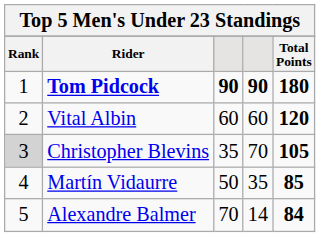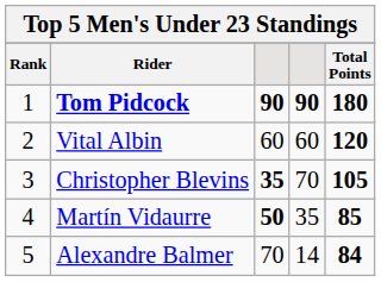 <table class="wikitable sortable">
 <tr>
 <th colspan=27 align="center"><strong>Top 5 Men's Under 23 Standings</strong></th>
 </tr>
 <tr>
 </tr>
 <tr style="font-size:8pt;font-weight:bold">
 <th align="center">Rank</th>
 <th align="center">Rider</th>
 <th class=unsortable style="background:#E5E4E2;"><small></small></th>
 <th class=unsortable style="background:#E5E4E2;"><small></small></th>
 <th align="center">Total<br>Points</th>
 </tr>
 <tr>
 <td align=center>1</td>
 <td> <strong><a href='#'>Tom Pidcock</a></strong></td>
 <td align=center><strong>90</strong></td>
 <td align=center><strong>90</strong></td>
 <td align=center><strong>180</strong></td>
 </tr>
 <tr>
 <td align=center>2</td>
 <td> <a href='#'>Vital Albin</a></td>
 <td align=center>60</td>
 <td align=center>60</td>
 <td align=center><strong>120</strong></td>
 </tr>
 <tr>
-<td align=center style="background: lightgrey;">3</td>
+<td align=center>3</td>
 <td> <a href='#'>Christopher Blevins</a></td>
-<td align=center>35</td>
+<td align=center><strong>35</strong></td>
 <td align=center>70</td>
 <td align=center><strong>105</strong></td>
 </tr>
 <tr>
 <td align=center>4</td>
 <td> <a href='#'>Martín Vidaurre</a></td>
-<td align=center>50</td>
+<td align=center><strong>50</strong></td>
 <td align=center>35</td>
 <td align=center><strong>85</strong></td>
 </tr>
 <tr>
 <td align=center>5</td>
 <td> <a href='#'>Alexandre Balmer</a></td>
 <td align=center>70</td>
 <td align=center>14</td>
 <td align=center><strong>84</strong></td>
 </tr>
 </table>
